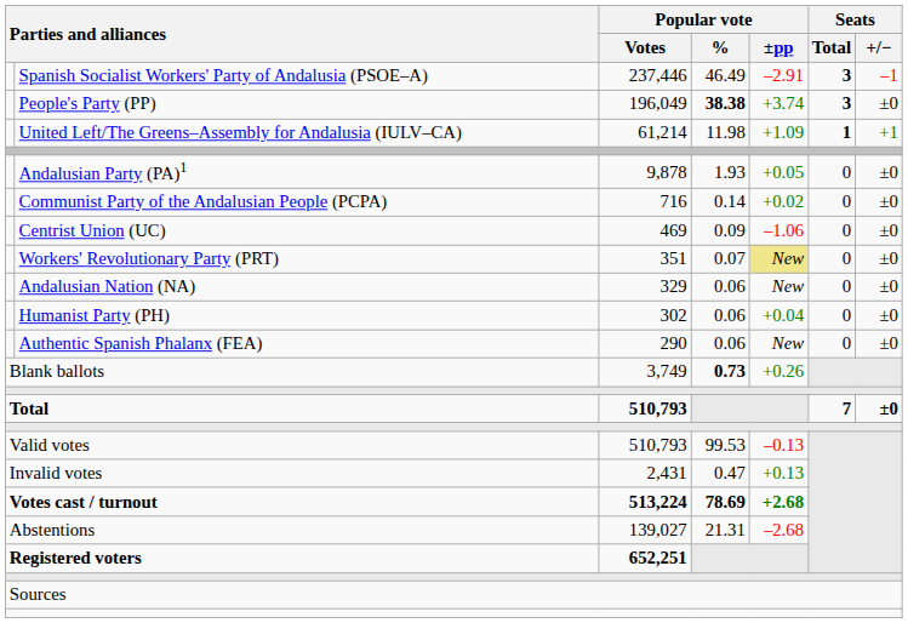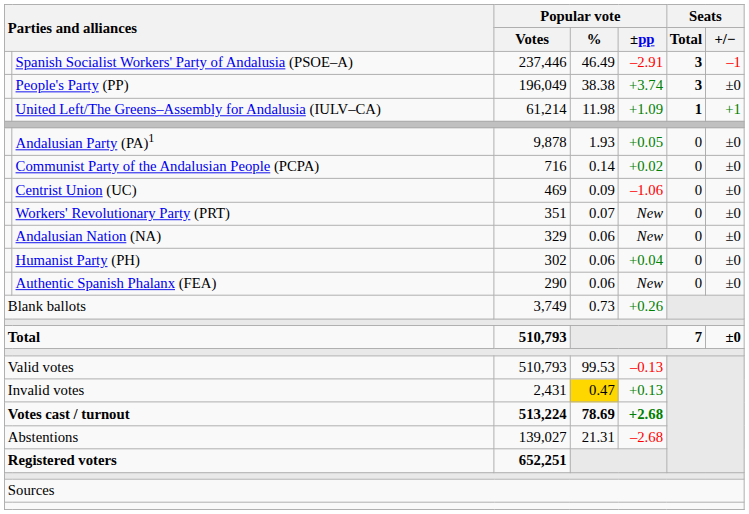 <table class="wikitable" style="text-align:right;">
 <tr>
 <th style="text-align:left;" rowspan="2" colspan="2" width="525">Parties and alliances</th>
 <th colspan="3">Popular vote</th>
 <th colspan="2">Seats</th>
 </tr>
 <tr>
 <th width="75">Votes</th>
 <th width="45">%</th>
 <th width="45">±<a href='#'>pp</a></th>
 <th width="35">Total</th>
 <th width="35">+/−</th>
 </tr>
 <tr>
 <td width="1" style="color:inherit;background:"></td>
 <td align="left"><a href='#'>Spanish Socialist Workers' Party of Andalusia</a> (PSOE–A)</td>
 <td>237,446</td>
 <td>46.49</td>
 <td style="color:red;">–2.91</td>
 <td><strong>3</strong></td>
 <td style="color:red;">–1</td>
 </tr>
 <tr>
 <td style="color:inherit;background:"></td>
 <td align="left"><a href='#'>People's Party</a> (PP)</td>
 <td>196,049</td>
-<td><strong>38.38</strong></td>
+<td>38.38</td>
 <td style="color:green;">+3.74</td>
 <td><strong>3</strong></td>
 <td>±0</td>
 </tr>
 <tr>
 <td style="color:inherit;background:"></td>
 <td align="left"><a href='#'>United Left/The Greens–Assembly for Andalusia</a> (IULV–CA)</td>
 <td>61,214</td>
 <td>11.98</td>
 <td style="color:green;">+1.09</td>
 <td><strong>1</strong></td>
 <td style="color:green;">+1</td>
 </tr>
 <tr>
 <td colspan="7" bgcolor="#C0C0C0"></td>
 </tr>
 <tr>
 <td style="color:inherit;background:"></td>
 <td align="left"><a href='#'>Andalusian Party</a> (PA)<sup>1</sup></td>
 <td>9,878</td>
 <td>1.93</td>
 <td style="color:green;">+0.05</td>
 <td>0</td>
 <td>±0</td>
 </tr>
 <tr>
 <td style="color:inherit;background:"></td>
 <td align="left"><a href='#'>Communist Party of the Andalusian People</a> (PCPA)</td>
 <td>716</td>
 <td>0.14</td>
 <td style="color:green;">+0.02</td>
 <td>0</td>
 <td>±0</td>
 </tr>
 <tr>
 <td style="color:inherit;background:"></td>
 <td align="left"><a href='#'>Centrist Union</a> (UC)</td>
 <td>469</td>
 <td>0.09</td>
 <td style="color:red;">–1.06</td>
 <td>0</td>
 <td>±0</td>
 </tr>
 <tr>
 <td style="color:inherit;background:"></td>
 <td align="left"><a href='#'>Workers' Revolutionary Party</a> (PRT)</td>
 <td>351</td>
 <td>0.07</td>
-<td style="background: khaki;"><em>New</em></td>
+<td><em>New</em></td>
 <td>0</td>
 <td>±0</td>
 </tr>
 <tr>
 <td style="color:inherit;background:"></td>
 <td align="left"><a href='#'>Andalusian Nation</a> (NA)</td>
 <td>329</td>
 <td>0.06</td>
 <td><em>New</em></td>
 <td>0</td>
 <td>±0</td>
 </tr>
 <tr>
 <td style="color:inherit;background:"></td>
 <td align="left"><a href='#'>Humanist Party</a> (PH)</td>
 <td>302</td>
 <td>0.06</td>
 <td style="color:green;">+0.04</td>
 <td>0</td>
 <td>±0</td>
 </tr>
 <tr>
 <td style="color:inherit;background:"></td>
 <td align="left"><a href='#'>Authentic Spanish Phalanx</a> (FEA)</td>
 <td>290</td>
 <td>0.06</td>
 <td><em>New</em></td>
 <td>0</td>
 <td>±0</td>
 </tr>
 <tr>
 <td align="left" colspan="2">Blank ballots</td>
 <td>3,749</td>
-<td><strong>0.73</strong></td>
+<td>0.73</td>
 <td style="color:green;">+0.26</td>
 <td bgcolor="#E9E9E9" colspan="2"></td>
 </tr>
 <tr>
 <td colspan="7" bgcolor="#E9E9E9"></td>
 </tr>
 <tr style="font-weight:bold;">
 <td align="left" colspan="2">Total</td>
 <td>510,793</td>
 <td bgcolor="#E9E9E9" colspan="2"></td>
 <td>7</td>
 <td>±0</td>
 </tr>
 <tr>
 <td colspan="7" bgcolor="#E9E9E9"></td>
 </tr>
 <tr>
 <td align="left" colspan="2">Valid votes</td>
 <td>510,793</td>
 <td>99.53</td>
 <td style="color:red;">–0.13</td>
 <td bgcolor="#E9E9E9" colspan="2" rowspan="5"></td>
 </tr>
 <tr>
 <td align="left" colspan="2">Invalid votes</td>
 <td>2,431</td>
-<td>0.47</td>
+<td style="background: gold;">0.47</td>
 <td style="color:green;">+0.13</td>
 </tr>
 <tr style="font-weight:bold;">
 <td align="left" colspan="2">Votes cast / turnout</td>
 <td>513,224</td>
 <td>78.69</td>
 <td style="color:green;">+2.68</td>
 </tr>
 <tr>
 <td align="left" colspan="2">Abstentions</td>
 <td>139,027</td>
 <td>21.31</td>
 <td style="color:red;">–2.68</td>
 </tr>
 <tr style="font-weight:bold;">
 <td align="left" colspan="2">Registered voters</td>
 <td>652,251</td>
 <td bgcolor="#E9E9E9" colspan="2"></td>
 </tr>
 <tr>
 <td colspan="7" bgcolor="#E9E9E9"></td>
 </tr>
 <tr>
 <td align="left" colspan="7">Sources</td>
 </tr>
 <tr>
 <td colspan="7" style="text-align:left; max-width:790px;"></td>
 </tr>
 </table>
